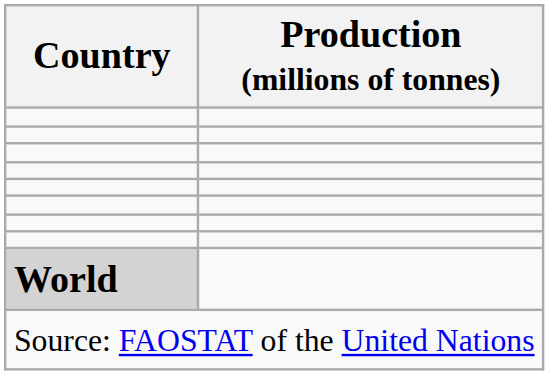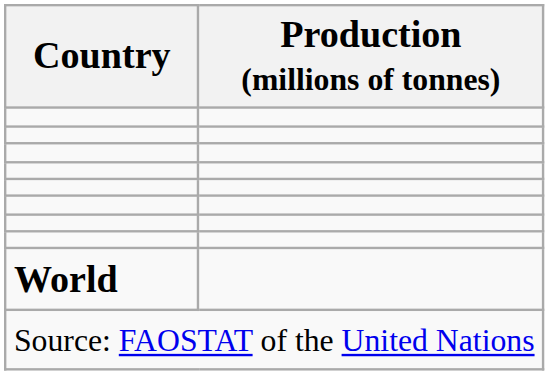 <table class="wikitable floatright">
 <tr>
 <th scope="col">Country</th>
 <th scope="col">Production<br><small>(millions of tonnes)</small></th>
 </tr>
 <tr>
 <td></td>
 <td></td>
 </tr>
 <tr>
 <td></td>
 <td></td>
 </tr>
 <tr>
 <td></td>
 <td></td>
 </tr>
 <tr>
 <td></td>
 <td></td>
 </tr>
 <tr>
 <td></td>
 <td></td>
 </tr>
 <tr>
 <td></td>
 <td></td>
 </tr>
 <tr>
 <td></td>
 <td></td>
 </tr>
 <tr>
 <td></td>
 <td></td>
 </tr>
 <tr>
-<td style="background: lightgrey;"><strong>World</strong></td>
+<td><strong>World</strong></td>
 <td></td>
 </tr>
 <tr>
 <td colspan="2"><small>Source: <a href='#'>FAOSTAT</a> of the <a href='#'>United Nations</a></small></td>
 </tr>
 </table>
